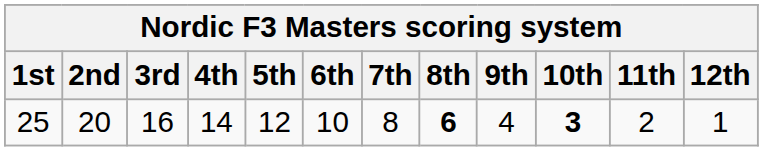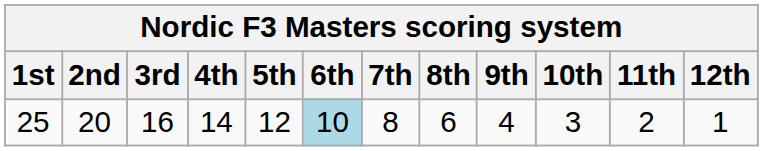 <table class="wikitable">
 <tr>
 <th colspan="14">Nordic F3 Masters scoring system</th>
 </tr>
 <tr>
 <th>1st</th>
 <th>2nd</th>
 <th>3rd</th>
 <th>4th</th>
 <th>5th</th>
 <th>6th</th>
 <th>7th</th>
 <th>8th</th>
 <th>9th</th>
 <th>10th</th>
 <th>11th</th>
 <th>12th</th>
 </tr>
 <tr align="center">
 <td>25</td>
 <td>20</td>
 <td>16</td>
 <td>14</td>
 <td>12</td>
-<td>10</td>
+<td style="background: lightblue;">10</td>
 <td>8</td>
-<td><strong>6</strong></td>
+<td>6</td>
 <td>4</td>
-<td><strong>3</strong></td>
+<td>3</td>
 <td>2</td>
 <td>1</td>
 </tr>
 </table>
